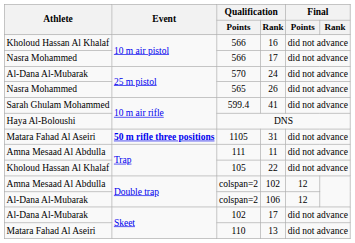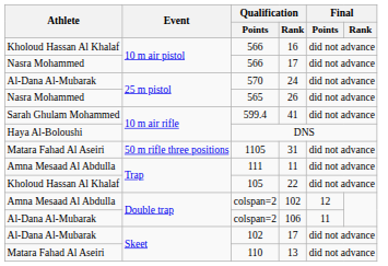 <table class=wikitable style=font-size:90%;text-align:center>
 <tr>
 <th rowspan="2">Athlete</th>
 <th rowspan="2">Event</th>
 <th colspan=2>Qualification</th>
 <th colspan=2>Final</th>
 </tr>
 <tr style="font-size:95%">
 <th>Points</th>
 <th>Rank</th>
 <th>Points</th>
 <th>Rank</th>
 </tr>
 <tr>
 <td align=left>Kholoud Hassan Al Khalaf</td>
 <td align=left rowspan=2><a href='#'>10 m air pistol</a></td>
 <td>566</td>
 <td>16</td>
 <td colspan=2>did not advance</td>
 </tr>
 <tr>
 <td align=left>Nasra Mohammed</td>
 <td>566</td>
 <td>17</td>
 <td colspan=2>did not advance</td>
 </tr>
 <tr>
 <td align=left>Al-Dana Al-Mubarak</td>
 <td align=left rowspan=2><a href='#'>25 m pistol</a></td>
 <td>570</td>
 <td>24</td>
 <td colspan=2>did not advance</td>
 </tr>
 <tr>
 <td align=left>Nasra Mohammed</td>
 <td>565</td>
 <td>26</td>
 <td colspan=2>did not advance</td>
 </tr>
 <tr>
 <td align=left>Sarah Ghulam Mohammed</td>
 <td align=left rowspan=2><a href='#'>10 m air rifle</a></td>
 <td>599.4</td>
 <td>41</td>
 <td colspan=2>did not advance</td>
 </tr>
 <tr>
 <td align=left>Haya Al-Boloushi</td>
 <td colspan=4>DNS</td>
 </tr>
 <tr>
 <td align=left>Matara Fahad Al Aseiri</td>
-<td align=left><strong><a href='#'>50 m rifle three positions</a></strong></td>
+<td align=left><a href='#'>50 m rifle three positions</a></td>
 <td>1105</td>
 <td>31</td>
 <td colspan=2>did not advance</td>
 </tr>
 <tr>
 <td align=left>Amna Mesaad Al Abdulla</td>
 <td align=left rowspan=2><a href='#'>Trap</a></td>
 <td>111</td>
 <td>11</td>
 <td colspan=2>did not advance</td>
 </tr>
 <tr>
 <td align=left>Kholoud Hassan Al Khalaf</td>
 <td>105</td>
 <td>22</td>
 <td colspan=2>did not advance</td>
 </tr>
 <tr>
 <td align=left>Amna Mesaad Al Abdulla</td>
 <td align=left rowspan=2><a href='#'>Double trap</a></td>
 <td>colspan=2 </td>
 <td>102</td>
 <td>12</td>
 </tr>
 <tr>
 <td align=left>Al-Dana Al-Mubarak</td>
 <td>colspan=2 </td>
 <td>106</td>
-<td>12</td>
+<td>11</td>
 </tr>
 <tr>
 <td align=left>Al-Dana Al-Mubarak</td>
 <td align=left rowspan=2><a href='#'>Skeet</a></td>
 <td>102</td>
 <td>17</td>
 <td colspan=2>did not advance</td>
 </tr>
 <tr>
 <td align=left>Matara Fahad Al Aseiri</td>
 <td>110</td>
 <td>13</td>
 <td colspan=2>did not advance</td>
 </tr>
 </table>
